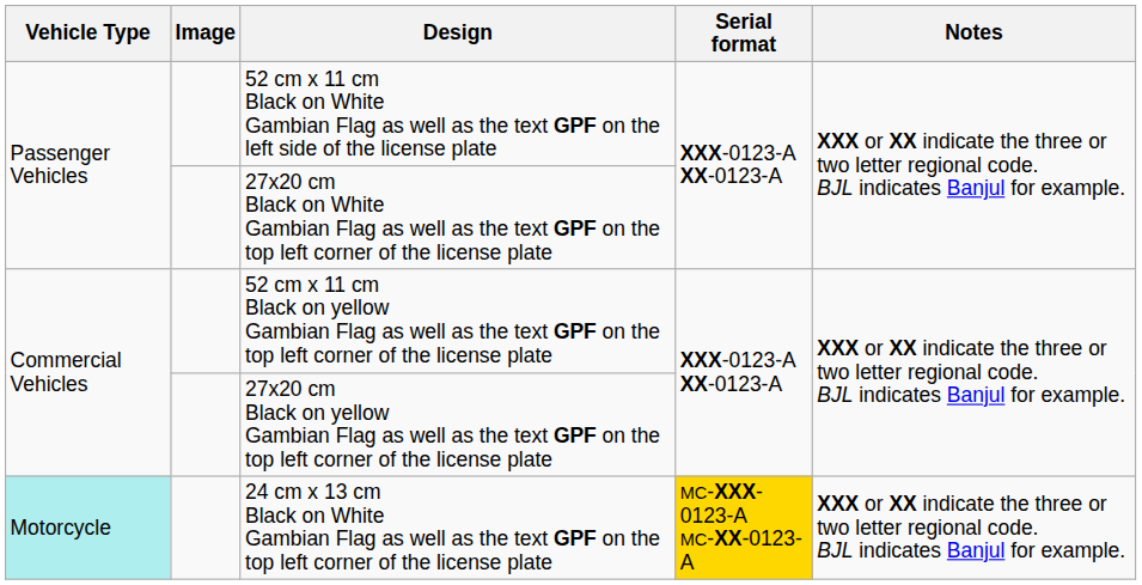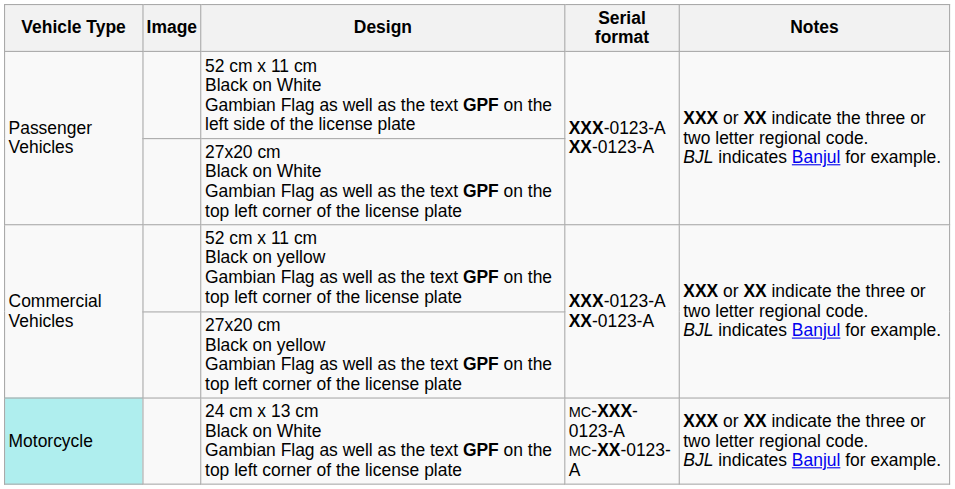 <table class="wikitable">
 <tr>
 <th>Vehicle Type</th>
 <th>Image</th>
 <th>Design</th>
 <th>Serial format</th>
 <th>Notes</th>
 </tr>
 <tr>
 <td rowspan="2">Passenger Vehicles</td>
 <td><br></td>
 <td>52 cm x 11 cm<br>Black on White<br>Gambian Flag as well as the text <strong>GPF</strong> on the left side of the license plate</td>
 <td rowspan="2"><strong>XXX</strong>-0123-A<br><strong>XX</strong>-0123-A</td>
 <td rowspan="2"><strong>XXX</strong> or <strong>XX</strong> indicate the three or two letter regional code.<br><em>BJL</em> indicates <a href='#'>Banjul</a> for example.</td>
 </tr>
 <tr>
 <td><br></td>
 <td>27x20 cm<br>Black on White<br>Gambian Flag as well as the text <strong>GPF</strong> on the top left corner of the license plate</td>
 </tr>
 <tr>
 <td rowspan="2">Commercial Vehicles</td>
 <td><br></td>
 <td>52 cm x 11 cm<br>Black on yellow<br>Gambian Flag as well as the text <strong>GPF</strong> on the top left corner of the license plate</td>
 <td rowspan="2"><strong>XXX</strong>-0123-A<br><strong>XX</strong>-0123-A</td>
 <td rowspan="2"><strong>XXX</strong> or <strong>XX</strong> indicate the three or two letter regional code.<br><em>BJL</em> indicates <a href='#'>Banjul</a> for example.</td>
 </tr>
 <tr>
 <td><br></td>
 <td>27x20 cm<br>Black on yellow<br>Gambian Flag as well as the text <strong>GPF</strong> on the top left corner of the license plate</td>
 </tr>
 <tr>
 <td style="background: paleturquoise;">Motorcycle</td>
 <td><br></td>
 <td>24 cm x 13 cm<br>Black on White<br>Gambian Flag as well as the text <strong>GPF</strong> on the top left corner of the license plate</td>
-<td style="background: gold;"><small>MC</small>-<strong>XXX</strong>-0123-A<br><small>MC</small>-<strong>XX</strong>-0123-A</td>
+<td><small>MC</small>-<strong>XXX</strong>-0123-A<br><small>MC</small>-<strong>XX</strong>-0123-A</td>
 <td><strong>XXX</strong> or <strong>XX</strong> indicate the three or two letter regional code.<br><em>BJL</em> indicates <a href='#'>Banjul</a> for example.</td>
 </tr>
 </table>
